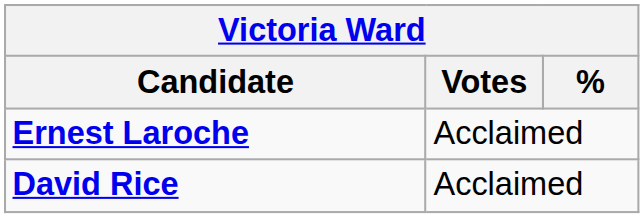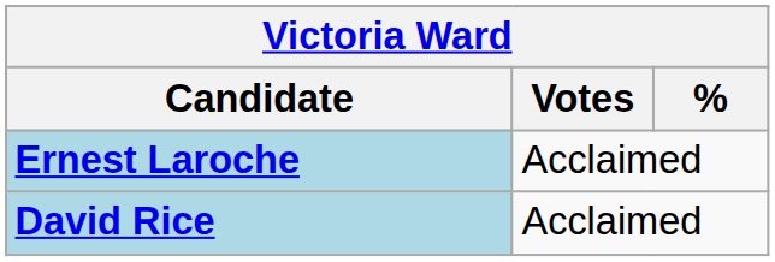 <table class="wikitable">
 <tr>
 <th colspan="3"><a href='#'>Victoria Ward</a></th>
 </tr>
 <tr>
 <th style="width: 200px">Candidate</th>
 <th style="width: 50px">Votes</th>
 <th style="width: 40px">%</th>
 </tr>
 <tr>
-<td><strong><a href='#'>Ernest Laroche</a></strong></td>
+<td style="background: lightblue;"><strong><a href='#'>Ernest Laroche</a></strong></td>
 <td colspan="2">Acclaimed</td>
 </tr>
 <tr>
-<td><strong><a href='#'>David Rice</a></strong></td>
+<td style="background: lightblue;"><strong><a href='#'>David Rice</a></strong></td>
 <td colspan="2">Acclaimed</td>
 </tr>
 </table>
